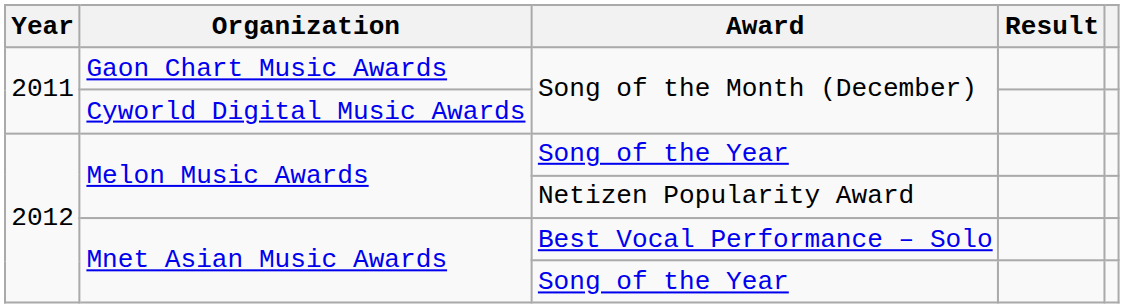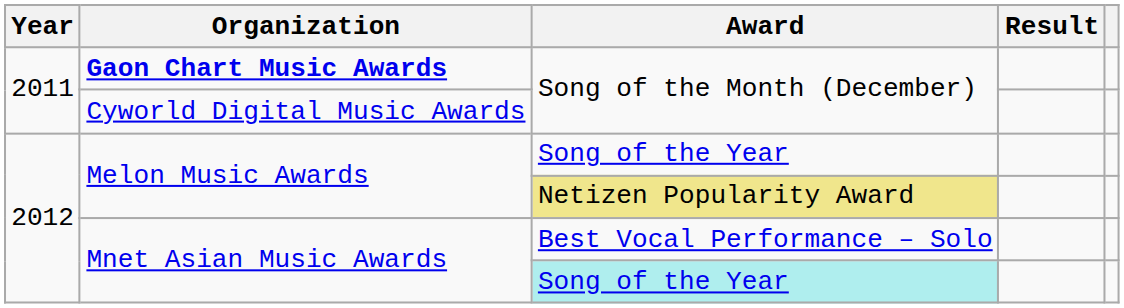 <table class="wikitable plainrowheaders">
 <tr>
 <th scope="col">Year</th>
 <th scope="col">Organization</th>
 <th scope="col">Award</th>
 <th scope="col">Result</th>
 <th scope="col" class="unsortable"></th>
 </tr>
 <tr>
 <td rowspan="2">2011</td>
-<td><a href='#'>Gaon Chart Music Awards</a></td>
+<td><strong><a href='#'>Gaon Chart Music Awards</a></strong></td>
 <td rowspan="2">Song of the Month (December)</td>
 <td></td>
 <td style="text-align:center;"></td>
 </tr>
 <tr>
 <td><a href='#'>Cyworld Digital Music Awards</a></td>
 <td></td>
 <td style="text-align:center;"></td>
 </tr>
 <tr>
 <td rowspan="4">2012</td>
 <td rowspan="2"><a href='#'>Melon Music Awards</a></td>
 <td><a href='#'>Song of the Year</a></td>
 <td></td>
 <td style="text-align:center;"></td>
 </tr>
 <tr>
-<td>Netizen Popularity Award</td>
+<td style="background: khaki;">Netizen Popularity Award</td>
 <td></td>
 <td style="text-align:center;"></td>
 </tr>
 <tr>
 <td rowspan="2"><a href='#'>Mnet Asian Music Awards</a></td>
 <td><a href='#'>Best Vocal Performance – Solo</a></td>
 <td></td>
 <td style="text-align:center;"></td>
 </tr>
 <tr>
-<td><a href='#'>Song of the Year</a></td>
+<td style="background: paleturquoise;"><a href='#'>Song of the Year</a></td>
 <td></td>
 <td style="text-align:center;"></td>
 </tr>
 </table>
